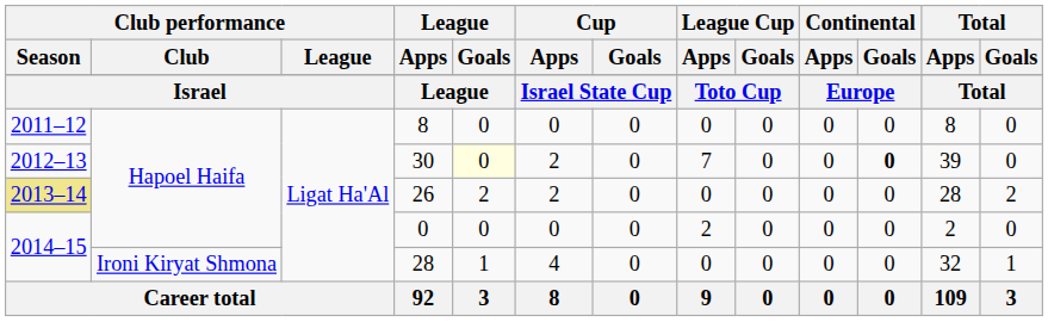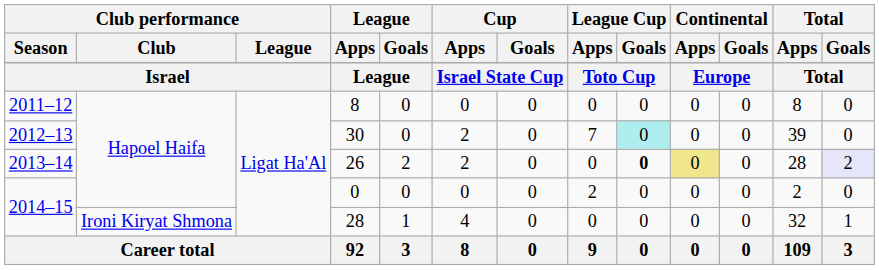 <table class="wikitable" style="text-align:center">
 <tr>
 <th colspan=3>Club performance</th>
 <th colspan=2>League</th>
 <th colspan=2>Cup</th>
 <th colspan=2>League Cup</th>
 <th colspan=2>Continental</th>
 <th colspan=2>Total</th>
 </tr>
 <tr>
 <th>Season</th>
 <th>Club</th>
 <th>League</th>
 <th>Apps</th>
 <th>Goals</th>
 <th>Apps</th>
 <th>Goals</th>
 <th>Apps</th>
 <th>Goals</th>
 <th>Apps</th>
 <th>Goals</th>
 <th>Apps</th>
 <th>Goals</th>
 </tr>
 <tr>
 </tr>
 <tr>
 <th colspan=3>Israel</th>
 <th colspan=2>League</th>
 <th colspan=2><a href='#'>Israel State Cup</a></th>
 <th colspan=2><a href='#'>Toto Cup</a></th>
 <th colspan=2><a href='#'>Europe</a></th>
 <th colspan=2>Total</th>
 </tr>
 <tr>
 <td><a href='#'>2011–12</a></td>
 <td rowspan="4"><a href='#'>Hapoel Haifa</a></td>
 <td rowspan="5"><a href='#'>Ligat Ha'Al</a></td>
 <td>8</td>
 <td>0</td>
 <td>0</td>
 <td>0</td>
 <td>0</td>
 <td>0</td>
 <td>0</td>
 <td>0</td>
 <td>8</td>
 <td>0</td>
 </tr>
 <tr>
 <td><a href='#'>2012–13</a></td>
 <td>30</td>
-<td style="background: lightyellow;">0</td>
+<td>0</td>
 <td>2</td>
 <td>0</td>
 <td>7</td>
+<td style="background: paleturquoise;">0</td>
 <td>0</td>
 <td>0</td>
-<td><strong>0</strong></td>
 <td>39</td>
 <td>0</td>
 </tr>
 <tr>
-<td style="background: khaki;"><a href='#'>2013–14</a></td>
+<td><a href='#'>2013–14</a></td>
 <td>26</td>
 <td>2</td>
 <td>2</td>
 <td>0</td>
 <td>0</td>
-<td>0</td>
-<td>0</td>
+<td><strong>0</strong></td>
+<td style="background: khaki;">0</td>
 <td>0</td>
 <td>28</td>
-<td>2</td>
+<td style="background: lavender;">2</td>
 </tr>
 <tr>
 <td rowspan="2"><a href='#'>2014–15</a></td>
 <td>0</td>
 <td>0</td>
 <td>0</td>
 <td>0</td>
 <td>2</td>
 <td>0</td>
 <td>0</td>
 <td>0</td>
 <td>2</td>
 <td>0</td>
 </tr>
 <tr>
 <td rowspan="1"><a href='#'>Ironi Kiryat Shmona</a></td>
 <td>28</td>
 <td>1</td>
 <td>4</td>
 <td>0</td>
 <td>0</td>
 <td>0</td>
 <td>0</td>
 <td>0</td>
 <td>32</td>
 <td>1</td>
 </tr>
 <tr>
 <th colspan=3>Career total</th>
 <th>92</th>
 <th>3</th>
 <th>8</th>
 <th>0</th>
 <th>9</th>
 <th>0</th>
 <th>0</th>
 <th>0</th>
 <th>109</th>
 <th>3</th>
 </tr>
 </table>
